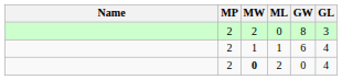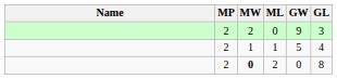 <table class=wikitable style="text-align:center">
 <tr>
 <th width=300>Name</th>
 <th width=20>MP</th>
 <th width=20>MW</th>
 <th width=20>ML</th>
 <th width=20>GW</th>
 <th width=20>GL</th>
 </tr>
 <tr style="background-color:#ccffcc;">
 <td style="text-align:left;"><strong></strong></td>
 <td>2</td>
 <td>2</td>
 <td>0</td>
-<td>8</td>
+<td>9</td>
 <td>3</td>
 </tr>
 <tr>
 <td style="text-align:left;"></td>
 <td>2</td>
 <td>1</td>
 <td>1</td>
-<td>6</td>
+<td>5</td>
 <td>4</td>
 </tr>
 <tr>
 <td style="text-align:left;"></td>
 <td>2</td>
 <td><strong>0</strong></td>
 <td>2</td>
 <td>0</td>
-<td>4</td>
+<td>8</td>
 </tr>
 </table>
